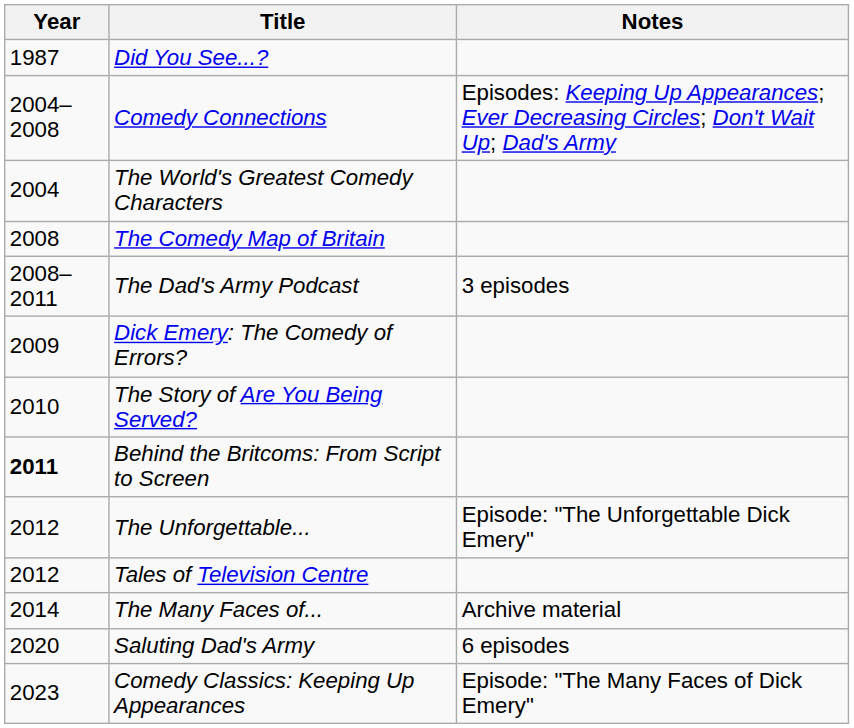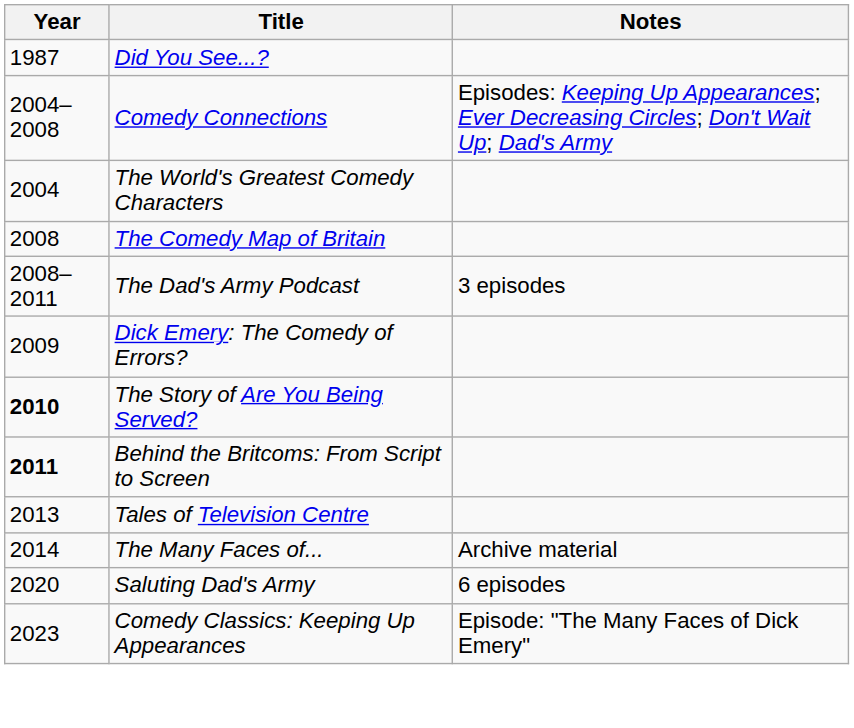 <table class="wikitable sortable">
 <tr>
 <th>Year</th>
 <th>Title</th>
 <th>Notes</th>
 </tr>
 <tr>
 <td>1987</td>
 <td><em><a href='#'>Did You See...?</a></em></td>
 <td></td>
 </tr>
 <tr>
 <td>2004–2008</td>
 <td><em><a href='#'>Comedy Connections</a></em></td>
 <td>Episodes: <em><a href='#'>Keeping Up Appearances</a></em>;<br><em><a href='#'>Ever Decreasing Circles</a></em>; <em><a href='#'>Don't Wait Up</a></em>;  <em><a href='#'>Dad's Army</a></em></td>
 </tr>
 <tr>
 <td>2004</td>
 <td><em>The World's Greatest Comedy Characters</em></td>
 <td></td>
 </tr>
 <tr>
 <td>2008</td>
 <td><em><a href='#'>The Comedy Map of Britain</a></em></td>
 <td></td>
 </tr>
 <tr>
 <td>2008–2011</td>
 <td><em>The Dad's Army Podcast</em></td>
 <td>3 episodes</td>
 </tr>
 <tr>
 <td>2009</td>
 <td><em><a href='#'>Dick Emery</a>: The Comedy of Errors?</em></td>
 <td></td>
 </tr>
 <tr>
-<td>2010</td>
+<td><strong>2010</strong></td>
 <td><em>The Story of <a href='#'>Are You Being Served?</a></em></td>
 <td></td>
 </tr>
 <tr>
 <td><strong>2011</strong></td>
 <td><em>Behind the Britcoms: From Script to Screen</em></td>
 <td></td>
 </tr>
 <tr>
-<td>2012</td>
-<td><em>The Unforgettable...</em></td>
-<td>Episode: "The Unforgettable Dick Emery"</td>
-</tr>
-<tr>
-<td>2012</td>
+<td>2013</td>
 <td><em>Tales of <a href='#'>Television Centre</a></em></td>
 <td></td>
 </tr>
 <tr>
 <td>2014</td>
 <td><em>The Many Faces of...</em></td>
 <td>Archive material</td>
 </tr>
 <tr>
 <td>2020</td>
 <td><em>Saluting Dad's Army</em></td>
 <td>6 episodes</td>
 </tr>
 <tr>
 <td>2023</td>
 <td><em>Comedy Classics: Keeping Up Appearances</em></td>
 <td>Episode: "The Many Faces of Dick Emery"</td>
 </tr>
 </table>
